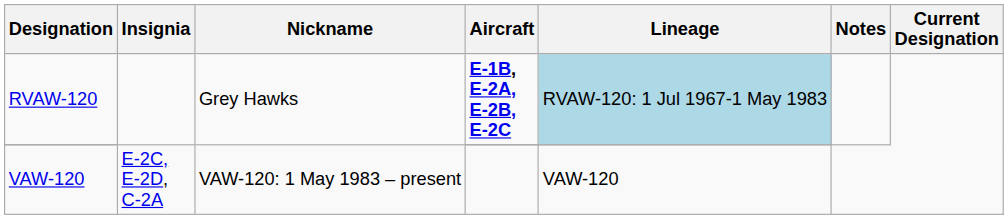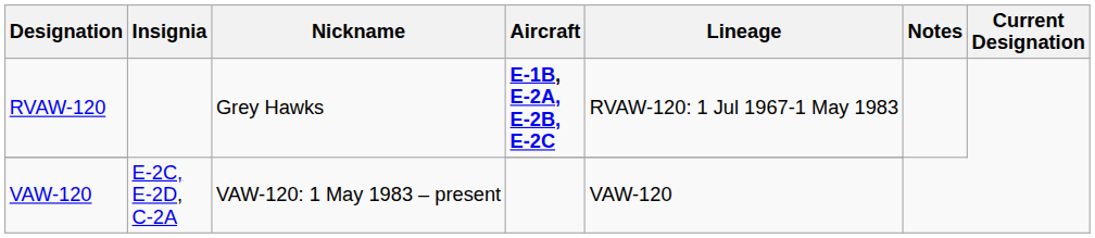 <table class="wikitable">
 <tr>
 <th>Designation</th>
 <th>Insignia</th>
 <th>Nickname</th>
 <th>Aircraft</th>
 <th>Lineage</th>
 <th>Notes</th>
 <th>Current Designation</th>
 </tr>
 <tr>
 <td><a href='#'>RVAW-120</a></td>
 <td Rowspan="2"></td>
 <td Rowspan="2">Grey Hawks</td>
 <td><strong><a href='#'>E-1B</a>, <a href='#'>E-2A, E-2B, E-2C</a></strong></td>
-<td style="background: lightblue; white-space: nowrap;">RVAW-120: 1 Jul 1967-1 May 1983</td>
+<td style="white-space: nowrap;">RVAW-120: 1 Jul 1967-1 May 1983</td>
 <td></td>
 </tr>
 <tr>
 </tr>
 <tr>
 <td><a href='#'>VAW-120</a></td>
 <td><a href='#'>E-2C, E-2D</a>, <a href='#'>C-2A</a></td>
 <td style="white-space: nowrap;">VAW-120: 1 May 1983 – present</td>
 <td></td>
 <td>VAW-120</td>
 </tr>
 </table>
